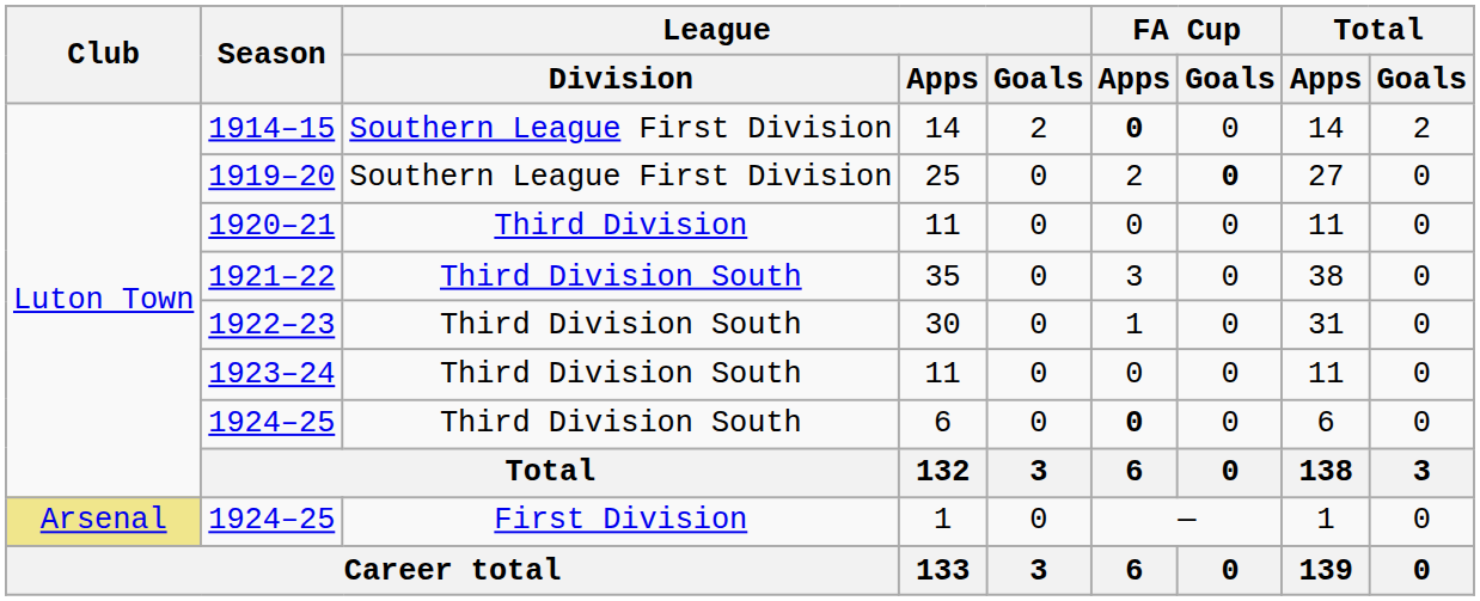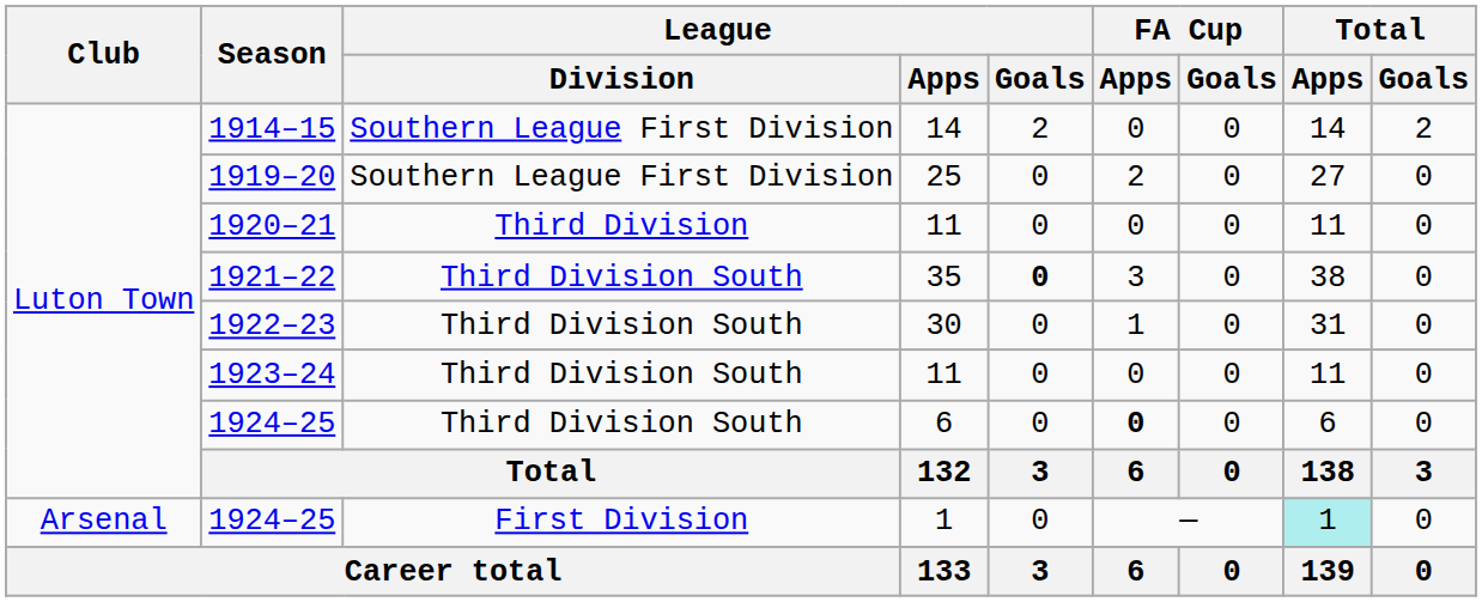 <table class="wikitable" style="text-align: center;">
 <tr>
 <th rowspan="2">Club</th>
 <th rowspan="2">Season</th>
 <th colspan="3">League</th>
 <th colspan="2">FA Cup</th>
 <th colspan="2">Total</th>
 </tr>
 <tr>
 <th>Division</th>
 <th>Apps</th>
 <th>Goals</th>
 <th>Apps</th>
 <th>Goals</th>
 <th>Apps</th>
 <th>Goals</th>
 </tr>
 <tr>
 <td rowspan="8"><a href='#'>Luton Town</a></td>
 <td><a href='#'>1914–15</a></td>
 <td><a href='#'>Southern League</a> First Division</td>
 <td>14</td>
 <td>2</td>
-<td><strong>0</strong></td>
+<td>0</td>
 <td>0</td>
 <td>14</td>
 <td>2</td>
 </tr>
 <tr>
 <td><a href='#'>1919–20</a></td>
 <td>Southern League First Division</td>
 <td>25</td>
 <td>0</td>
 <td>2</td>
-<td><strong>0</strong></td>
+<td>0</td>
 <td>27</td>
 <td>0</td>
 </tr>
 <tr>
 <td><a href='#'>1920–21</a></td>
 <td><a href='#'>Third Division</a></td>
 <td>11</td>
 <td>0</td>
 <td>0</td>
 <td>0</td>
 <td>11</td>
 <td>0</td>
 </tr>
 <tr>
 <td><a href='#'>1921–22</a></td>
 <td><a href='#'>Third Division South</a></td>
 <td>35</td>
-<td>0</td>
+<td><strong>0</strong></td>
 <td>3</td>
 <td>0</td>
 <td>38</td>
 <td>0</td>
 </tr>
 <tr>
 <td><a href='#'>1922–23</a></td>
 <td>Third Division South</td>
 <td>30</td>
 <td>0</td>
 <td>1</td>
 <td>0</td>
 <td>31</td>
 <td>0</td>
 </tr>
 <tr>
 <td><a href='#'>1923–24</a></td>
 <td>Third Division South</td>
 <td>11</td>
 <td>0</td>
 <td>0</td>
 <td>0</td>
 <td>11</td>
 <td>0</td>
 </tr>
 <tr>
 <td><a href='#'>1924–25</a></td>
 <td>Third Division South</td>
 <td>6</td>
 <td>0</td>
 <td><strong>0</strong></td>
 <td>0</td>
 <td>6</td>
 <td>0</td>
 </tr>
 <tr>
 <th colspan="2">Total</th>
 <th>132</th>
 <th>3</th>
 <th>6</th>
 <th>0</th>
 <th>138</th>
 <th>3</th>
 </tr>
 <tr>
-<td style="background: khaki;"><a href='#'>Arsenal</a></td>
+<td><a href='#'>Arsenal</a></td>
 <td><a href='#'>1924–25</a></td>
 <td><a href='#'>First Division</a></td>
 <td>1</td>
 <td>0</td>
 <td colspan="2">―</td>
-<td>1</td>
+<td style="background: paleturquoise;">1</td>
 <td>0</td>
 </tr>
 <tr>
 <th colspan="3">Career total</th>
 <th>133</th>
 <th>3</th>
 <th>6</th>
 <th>0</th>
 <th>139</th>
 <th>0</th>
 </tr>
 </table>
